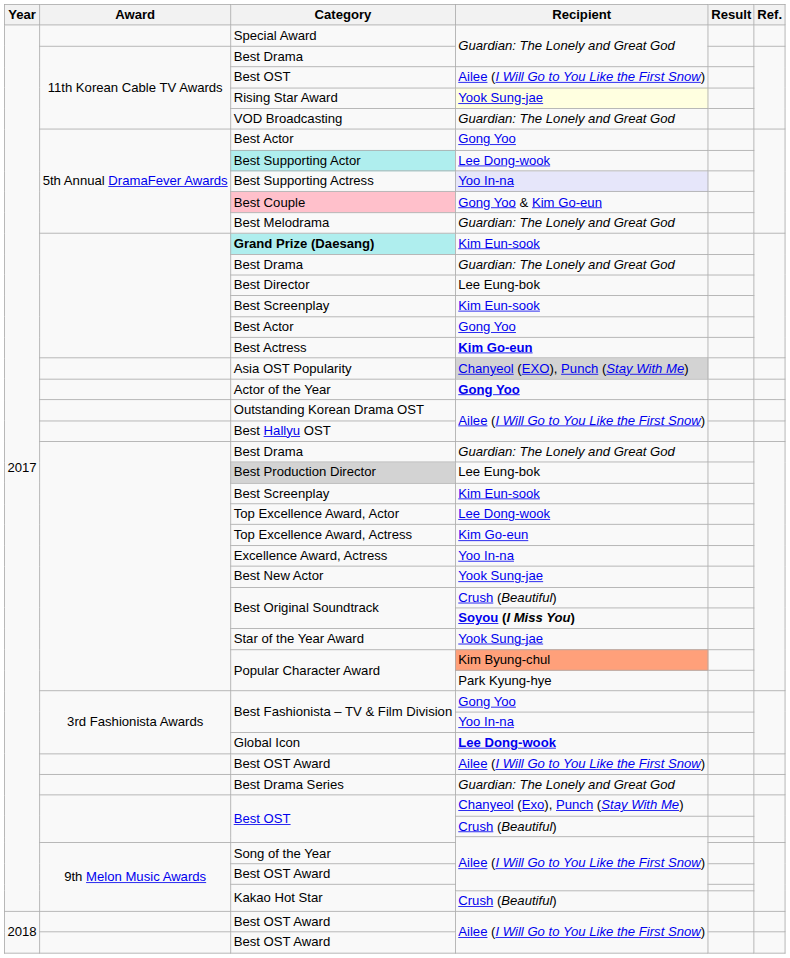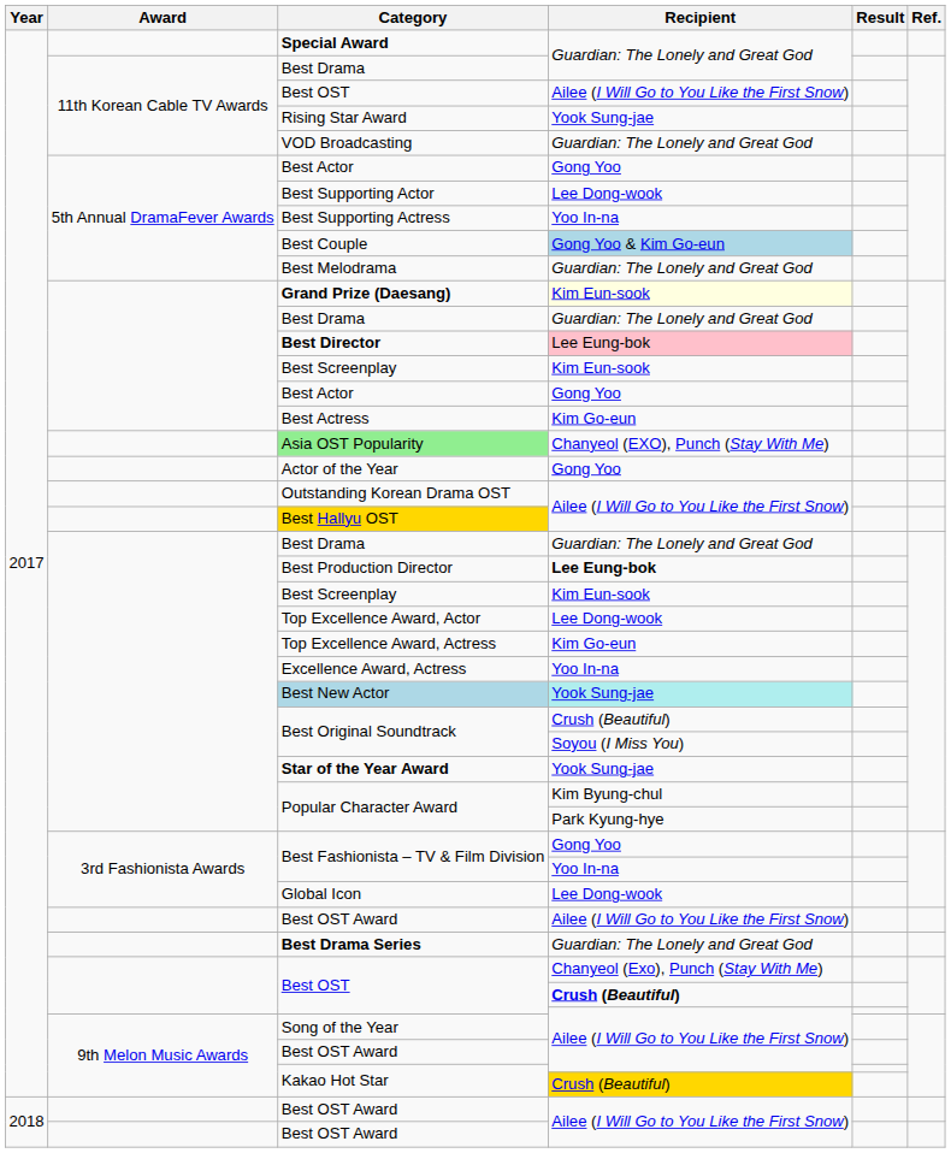 <table class="wikitable">
 <tr>
 <th>Year</th>
 <th>Award</th>
 <th>Category</th>
 <th>Recipient</th>
 <th>Result</th>
 <th>Ref.</th>
 </tr>
 <tr>
 <td rowspan="44">2017</td>
 <td></td>
-<td>Special Award</td>
+<td><strong>Special Award</strong></td>
 <td rowspan="2"><em>Guardian: The Lonely and Great God</em></td>
 <td></td>
 <td></td>
 </tr>
 <tr>
 <td rowspan="4" style="text-align:center;">11th Korean Cable TV Awards</td>
 <td>Best Drama</td>
 <td></td>
 <td rowspan="4"></td>
 </tr>
 <tr>
 <td>Best OST</td>
 <td><a href='#'>Ailee</a> (<em><a href='#'>I Will Go to You Like the First Snow</a></em>)</td>
 <td></td>
 </tr>
 <tr>
 <td>Rising Star Award</td>
-<td style="background: lightyellow;"><a href='#'>Yook Sung-jae</a></td>
+<td><a href='#'>Yook Sung-jae</a></td>
 <td></td>
 </tr>
 <tr>
 <td>VOD Broadcasting</td>
 <td><em>Guardian: The Lonely and Great God</em></td>
 <td></td>
 </tr>
 <tr>
 <td rowspan="5" style="text-align:center;">5th Annual <a href='#'>DramaFever Awards</a></td>
 <td>Best Actor</td>
 <td><a href='#'>Gong Yoo</a></td>
 <td></td>
 <td rowspan="5"></td>
 </tr>
 <tr>
-<td style="background: paleturquoise;">Best Supporting Actor</td>
+<td>Best Supporting Actor</td>
 <td><a href='#'>Lee Dong-wook</a></td>
 <td></td>
 </tr>
 <tr>
 <td>Best Supporting Actress</td>
-<td style="background: lavender;"><a href='#'>Yoo In-na</a></td>
+<td><a href='#'>Yoo In-na</a></td>
 <td></td>
 </tr>
 <tr>
-<td style="background: pink;">Best Couple</td>
-<td><a href='#'>Gong Yoo</a> & <a href='#'>Kim Go-eun</a></td>
+<td>Best Couple</td>
+<td style="background: lightblue;"><a href='#'>Gong Yoo</a> & <a href='#'>Kim Go-eun</a></td>
 <td></td>
 </tr>
 <tr>
 <td>Best Melodrama</td>
 <td><em>Guardian: The Lonely and Great God</em></td>
 <td></td>
 </tr>
 <tr>
 <td rowspan="6"></td>
-<td style="background: paleturquoise;"><strong>Grand Prize (Daesang)</strong></td>
-<td><a href='#'>Kim Eun-sook</a></td>
+<td><strong>Grand Prize (Daesang)</strong></td>
+<td style="background: lightyellow;"><a href='#'>Kim Eun-sook</a></td>
 <td></td>
 <td rowspan="6"></td>
 </tr>
 <tr>
 <td>Best Drama</td>
 <td><em>Guardian: The Lonely and Great God</em></td>
 <td></td>
 </tr>
 <tr>
-<td>Best Director</td>
-<td>Lee Eung-bok</td>
+<td><strong>Best Director</strong></td>
+<td style="background: pink;">Lee Eung-bok</td>
 <td></td>
 </tr>
 <tr>
 <td>Best Screenplay</td>
 <td><a href='#'>Kim Eun-sook</a></td>
 <td></td>
 </tr>
 <tr>
 <td>Best Actor</td>
 <td><a href='#'>Gong Yoo</a></td>
 <td></td>
 </tr>
 <tr>
 <td>Best Actress</td>
-<td><strong><a href='#'>Kim Go-eun</a></strong></td>
+<td><a href='#'>Kim Go-eun</a></td>
 <td></td>
 </tr>
 <tr>
 <td></td>
-<td>Asia OST Popularity</td>
-<td style="background: lightgrey;"><a href='#'>Chanyeol</a> (<a href='#'>EXO</a>), <a href='#'>Punch</a> (<em><a href='#'>Stay With Me</a></em>)</td>
+<td style="background: lightgreen;">Asia OST Popularity</td>
+<td><a href='#'>Chanyeol</a> (<a href='#'>EXO</a>), <a href='#'>Punch</a> (<em><a href='#'>Stay With Me</a></em>)</td>
 <td></td>
 <td></td>
 </tr>
 <tr>
 <td></td>
 <td>Actor of the Year</td>
-<td><strong><a href='#'>Gong Yoo</a></strong></td>
+<td><a href='#'>Gong Yoo</a></td>
 <td></td>
 <td></td>
 </tr>
 <tr>
 <td></td>
 <td>Outstanding Korean Drama OST</td>
 <td rowspan="2"><a href='#'>Ailee</a> (<em><a href='#'>I Will Go to You Like the First Snow</a></em>)</td>
 <td></td>
 <td></td>
 </tr>
 <tr>
 <td></td>
-<td>Best <a href='#'>Hallyu</a> OST</td>
+<td style="background: gold;">Best <a href='#'>Hallyu</a> OST</td>
 <td></td>
 <td></td>
 </tr>
 <tr>
 <td rowspan="12"></td>
 <td>Best Drama</td>
 <td><em>Guardian: The Lonely and Great God</em></td>
 <td></td>
 <td rowspan="12"></td>
 </tr>
 <tr>
-<td style="background: lightgrey;">Best Production Director</td>
-<td>Lee Eung-bok</td>
+<td>Best Production Director</td>
+<td><strong>Lee Eung-bok</strong></td>
 <td></td>
 </tr>
 <tr>
 <td>Best Screenplay</td>
 <td><a href='#'>Kim Eun-sook</a></td>
 <td></td>
 </tr>
 <tr>
 <td>Top Excellence Award, Actor</td>
 <td><a href='#'>Lee Dong-wook</a></td>
 <td></td>
 </tr>
 <tr>
 <td>Top Excellence Award, Actress</td>
 <td><a href='#'>Kim Go-eun</a></td>
 <td></td>
 </tr>
 <tr>
 <td>Excellence Award, Actress</td>
 <td><a href='#'>Yoo In-na</a></td>
 <td></td>
 </tr>
 <tr>
-<td>Best New Actor</td>
-<td><a href='#'>Yook Sung-jae</a></td>
+<td style="background: lightblue;">Best New Actor</td>
+<td style="background: paleturquoise;"><a href='#'>Yook Sung-jae</a></td>
 <td></td>
 </tr>
 <tr>
 <td rowspan="2">Best Original Soundtrack</td>
 <td><a href='#'>Crush</a> (<em>Beautiful</em>)</td>
 <td></td>
 </tr>
 <tr>
-<td><strong><a href='#'>Soyou</a> (<em>I Miss You</em>)</strong></td>
+<td><a href='#'>Soyou</a> (<em>I Miss You</em>)</td>
 <td></td>
 </tr>
 <tr>
-<td>Star of the Year Award</td>
+<td><strong>Star of the Year Award</strong></td>
 <td><a href='#'>Yook Sung-jae</a></td>
 <td></td>
 </tr>
 <tr>
 <td rowspan="2">Popular Character Award</td>
-<td style="background: lightsalmon;">Kim Byung-chul</td>
+<td>Kim Byung-chul</td>
 <td></td>
 </tr>
 <tr>
 <td>Park Kyung-hye</td>
 <td></td>
 </tr>
 <tr>
 <td rowspan="3" style="text-align:center;">3rd Fashionista Awards</td>
 <td rowspan="2">Best Fashionista – TV & Film Division</td>
 <td><a href='#'>Gong Yoo</a></td>
 <td></td>
 <td rowspan="3"></td>
 </tr>
 <tr>
 <td><a href='#'>Yoo In-na</a></td>
 <td></td>
 </tr>
 <tr>
 <td>Global Icon</td>
-<td><strong><a href='#'>Lee Dong-wook</a></strong></td>
+<td><a href='#'>Lee Dong-wook</a></td>
 <td></td>
 </tr>
 <tr>
 <td></td>
 <td>Best OST Award</td>
 <td><a href='#'>Ailee</a> (<em><a href='#'>I Will Go to You Like the First Snow</a></em>)</td>
 <td></td>
 <td></td>
 </tr>
 <tr>
 <td></td>
-<td>Best Drama Series</td>
+<td><strong>Best Drama Series</strong></td>
 <td><em>Guardian: The Lonely and Great God</em></td>
 <td></td>
 <td></td>
 </tr>
 <tr>
 <td rowspan="3"></td>
 <td rowspan="3"><a href='#'>Best OST</a></td>
 <td><a href='#'>Chanyeol</a> (<a href='#'>Exo</a>), <a href='#'>Punch</a> (<em><a href='#'>Stay With Me</a></em>)</td>
 <td></td>
 <td rowspan="3"></td>
 </tr>
 <tr>
-<td><a href='#'>Crush</a> (<em>Beautiful</em>)</td>
+<td><strong><a href='#'>Crush</a> (<em>Beautiful</em>)</strong></td>
 <td></td>
 </tr>
 <tr>
 <td rowspan="4"><a href='#'>Ailee</a> (<em><a href='#'>I Will Go to You Like the First Snow</a></em>)</td>
 <td></td>
 </tr>
 <tr>
 <td rowspan="4" style="text-align:center;">9th <a href='#'>Melon Music Awards</a></td>
 <td>Song of the Year</td>
 <td></td>
 <td rowspan="4"></td>
 </tr>
 <tr>
 <td>Best OST Award</td>
 <td></td>
 </tr>
 <tr>
 <td rowspan="2">Kakao Hot Star</td>
 <td></td>
 </tr>
 <tr>
-<td><a href='#'>Crush</a> (<em>Beautiful</em>)</td>
+<td style="background: gold;"><a href='#'>Crush</a> (<em>Beautiful</em>)</td>
 <td></td>
 </tr>
 <tr>
 <td rowspan="2">2018</td>
 <td></td>
 <td>Best OST Award</td>
 <td rowspan="2"><a href='#'>Ailee</a> (<em><a href='#'>I Will Go to You Like the First Snow</a></em>)</td>
 <td></td>
 <td></td>
 </tr>
 <tr>
 <td></td>
 <td>Best OST Award</td>
 <td></td>
 <td></td>
 </tr>
 </table>
